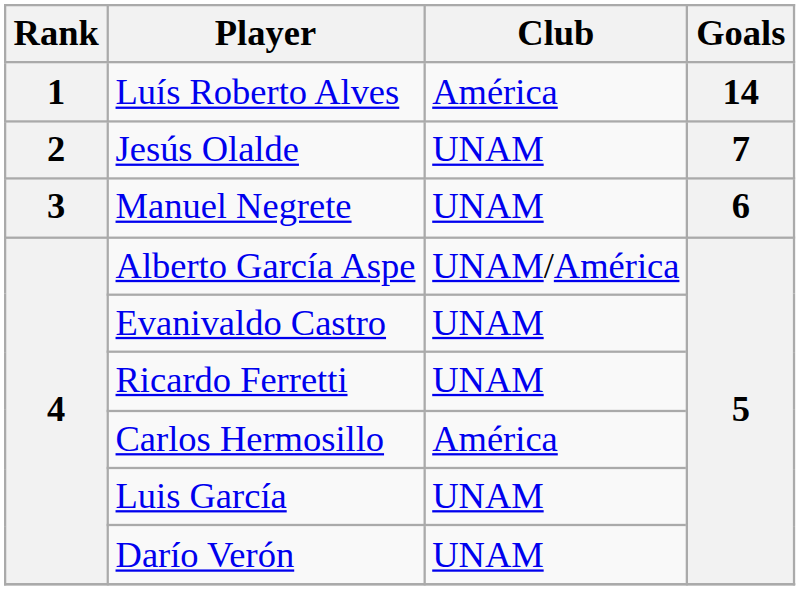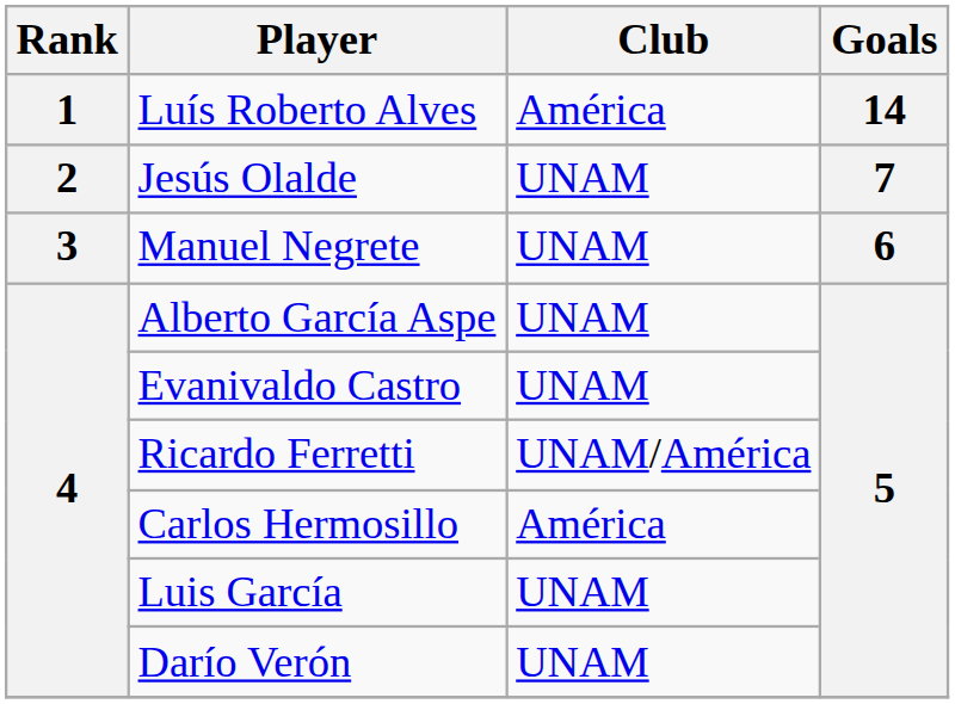 <table class="wikitable" style="text-align:center">
 <tr>
 <th>Rank</th>
 <th>Player</th>
 <th>Club</th>
 <th>Goals</th>
 </tr>
 <tr>
 <th>1</th>
 <td style="text-align:left;"> <a href='#'>Luís Roberto Alves</a></td>
 <td style="text-align:left;"><a href='#'>América</a></td>
 <th>14</th>
 </tr>
 <tr>
 <th>2</th>
 <td style="text-align:left;"> <a href='#'>Jesús Olalde</a></td>
 <td style="text-align:left;"><a href='#'>UNAM</a></td>
 <th>7</th>
 </tr>
 <tr>
 <th>3</th>
 <td style="text-align:left;"> <a href='#'>Manuel Negrete</a></td>
 <td style="text-align:left;"><a href='#'>UNAM</a></td>
 <th>6</th>
 </tr>
 <tr>
 <th rowspan=6>4</th>
 <td align="left"> <a href='#'>Alberto García Aspe</a></td>
-<td align="left"><a href='#'>UNAM</a>/<a href='#'>América</a></td>
+<td align="left"><a href='#'>UNAM</a></td>
 <th rowspan=6>5</th>
 </tr>
 <tr>
 <td align="left"> <a href='#'>Evanivaldo Castro</a></td>
 <td align="left"><a href='#'>UNAM</a></td>
 </tr>
 <tr>
 <td align="left"> <a href='#'>Ricardo Ferretti</a></td>
-<td align="left"><a href='#'>UNAM</a></td>
+<td align="left"><a href='#'>UNAM</a>/<a href='#'>América</a></td>
 </tr>
 <tr>
 <td align="left"> <a href='#'>Carlos Hermosillo</a></td>
 <td align="left"><a href='#'>América</a></td>
 </tr>
 <tr>
 <td align="left"> <a href='#'>Luis García</a></td>
 <td style="text-align:left;"><a href='#'>UNAM</a></td>
 </tr>
 <tr>
 <td align="left"> <a href='#'>Darío Verón</a></td>
 <td align="left"><a href='#'>UNAM</a></td>
 </tr>
 <tr>
 </tr>
 </table>
